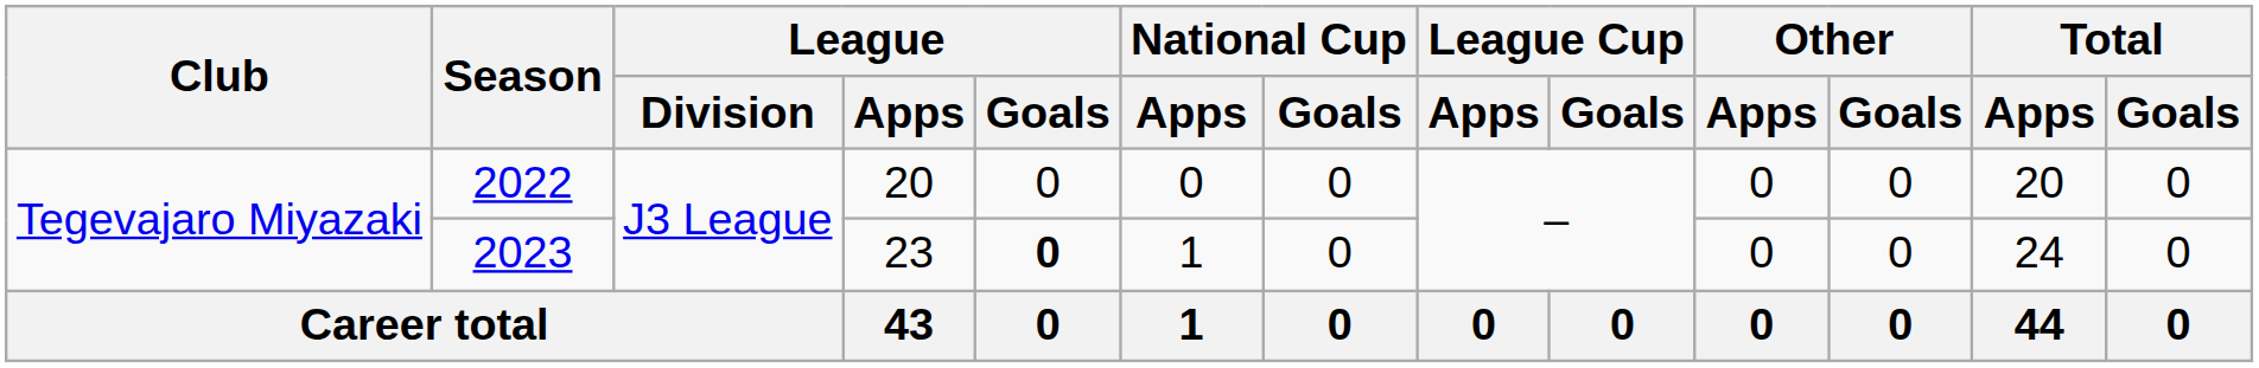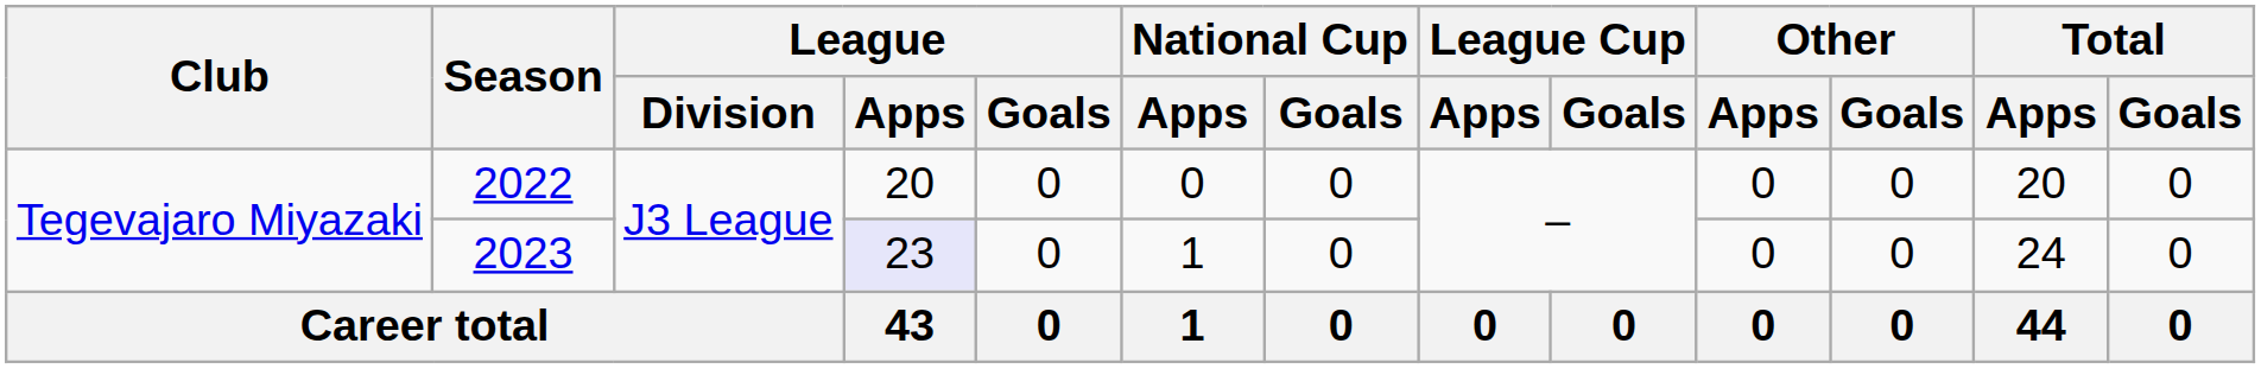 <table class="wikitable" style="text-align: center">
 <tr>
 <th rowspan="2">Club</th>
 <th rowspan="2">Season</th>
 <th colspan="3">League</th>
 <th colspan="2">National Cup</th>
 <th colspan="2">League Cup</th>
 <th colspan="2">Other</th>
 <th colspan="2">Total</th>
 </tr>
 <tr>
 <th>Division</th>
 <th>Apps</th>
 <th>Goals</th>
 <th>Apps</th>
 <th>Goals</th>
 <th>Apps</th>
 <th>Goals</th>
 <th>Apps</th>
 <th>Goals</th>
 <th>Apps</th>
 <th>Goals</th>
 </tr>
 <tr>
 <td rowspan="2"><a href='#'>Tegevajaro Miyazaki</a></td>
 <td><a href='#'>2022</a></td>
 <td rowspan="2"><a href='#'>J3 League</a></td>
 <td>20</td>
 <td>0</td>
 <td>0</td>
 <td>0</td>
 <td rowspan="2" colspan="2">–</td>
 <td>0</td>
 <td>0</td>
 <td>20</td>
 <td>0</td>
 </tr>
 <tr>
 <td><a href='#'>2023</a></td>
-<td>23</td>
-<td><strong>0</strong></td>
+<td style="background: lavender;">23</td>
+<td>0</td>
 <td>1</td>
 <td>0</td>
 <td>0</td>
 <td>0</td>
 <td>24</td>
 <td>0</td>
 </tr>
 <tr>
 <th colspan=3>Career total</th>
 <th>43</th>
 <th>0</th>
 <th>1</th>
 <th>0</th>
 <th>0</th>
 <th>0</th>
 <th>0</th>
 <th>0</th>
 <th>44</th>
 <th>0</th>
 </tr>
 </table>
